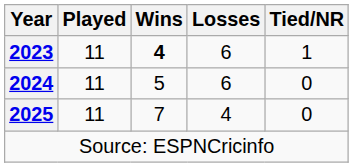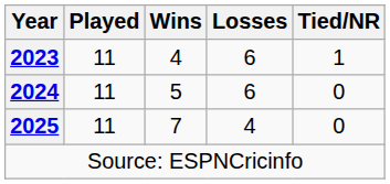 <table class="wikitable" style="text-align:center;">
 <tr>
 <th>Year</th>
 <th>Played</th>
 <th>Wins</th>
 <th>Losses</th>
 <th>Tied/NR</th>
 </tr>
 <tr>
 <th><a href='#'>2023</a></th>
 <td>11</td>
-<td><strong>4</strong></td>
+<td>4</td>
 <td>6</td>
 <td>1</td>
 </tr>
 <tr>
 <th><a href='#'>2024</a></th>
 <td>11</td>
 <td>5</td>
 <td>6</td>
 <td>0</td>
 </tr>
 <tr>
 <th><a href='#'>2025</a></th>
 <td>11</td>
 <td>7</td>
 <td>4</td>
 <td>0</td>
 </tr>
 <tr>
 <td colspan="5">Source: ESPNCricinfo</td>
 </tr>
 </table>
